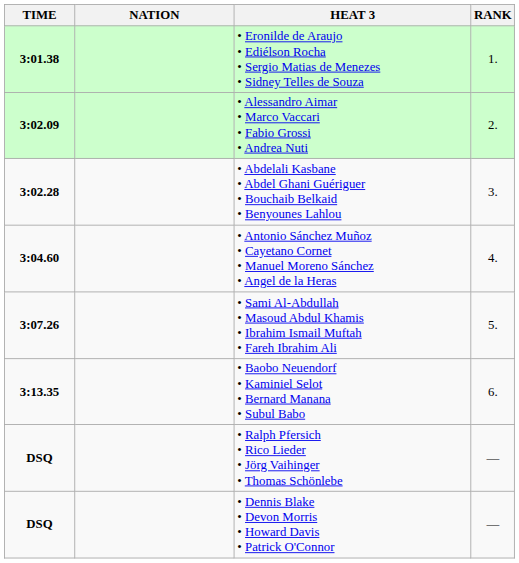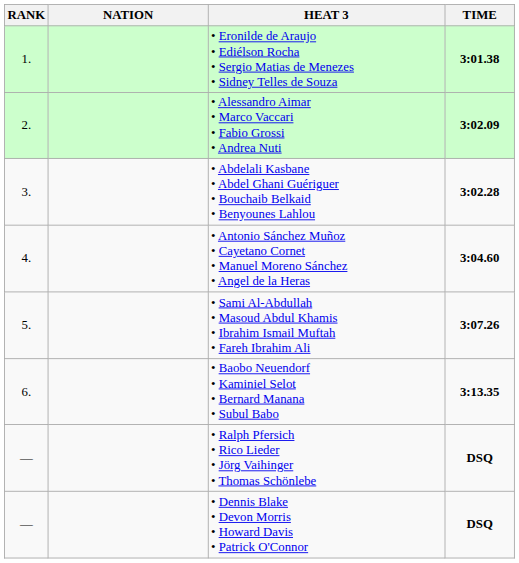 <table class="wikitable" style="border-collapse: collapse; font-size: 90%;">
 <tr>
-<th style="width: 5em">TIME</th>
+<th>RANK</th>
 <th style="width: 12em">NATION</th>
 <th style="width: 18em">HEAT 3</th>
-<th>RANK</th>
+<th style="width: 5em">TIME</th>
 </tr>
 <tr style="background:#ccffcc;">
-<td align="center"><strong>3:01.38</strong></td>
+<td align="center">1.</td>
 <td align="center"></td>
 <td>• <a href='#'>Eronilde de Araujo</a><br>• <a href='#'>Ediélson Rocha</a><br>• <a href='#'>Sergio Matias de Menezes</a><br>• <a href='#'>Sidney Telles de Souza</a></td>
-<td align="center">1.</td>
+<td align="center"><strong>3:01.38</strong></td>
 </tr>
 <tr style="background:#ccffcc;">
-<td align="center"><strong>3:02.09</strong></td>
+<td align="center">2.</td>
 <td align="center"></td>
 <td>• <a href='#'>Alessandro Aimar</a><br>• <a href='#'>Marco Vaccari</a><br>• <a href='#'>Fabio Grossi</a><br>• <a href='#'>Andrea Nuti</a></td>
-<td align="center">2.</td>
+<td align="center"><strong>3:02.09</strong></td>
 </tr>
 <tr>
-<td align="center"><strong>3:02.28</strong></td>
+<td align="center">3.</td>
 <td align="center"></td>
 <td>• <a href='#'>Abdelali Kasbane</a><br>• <a href='#'>Abdel Ghani Guériguer</a><br>• <a href='#'>Bouchaib Belkaid</a><br>• <a href='#'>Benyounes Lahlou</a></td>
-<td align="center">3.</td>
+<td align="center"><strong>3:02.28</strong></td>
 </tr>
 <tr>
-<td align="center"><strong>3:04.60</strong></td>
+<td align="center">4.</td>
 <td align="center"></td>
 <td>• <a href='#'>Antonio Sánchez Muñoz</a><br>• <a href='#'>Cayetano Cornet</a><br>• <a href='#'>Manuel Moreno Sánchez</a><br>• <a href='#'>Angel de la Heras</a></td>
-<td align="center">4.</td>
+<td align="center"><strong>3:04.60</strong></td>
 </tr>
 <tr>
-<td align="center"><strong>3:07.26</strong></td>
+<td align="center">5.</td>
 <td align="center"></td>
 <td>• <a href='#'>Sami Al-Abdullah</a><br>• <a href='#'>Masoud Abdul Khamis</a><br>• <a href='#'>Ibrahim Ismail Muftah</a><br>• <a href='#'>Fareh Ibrahim Ali</a></td>
-<td align="center">5.</td>
+<td align="center"><strong>3:07.26</strong></td>
 </tr>
 <tr>
-<td align="center"><strong>3:13.35</strong></td>
+<td align="center">6.</td>
 <td align="center"></td>
 <td>• <a href='#'>Baobo Neuendorf</a><br>• <a href='#'>Kaminiel Selot</a><br>• <a href='#'>Bernard Manana</a><br>• <a href='#'>Subul Babo</a></td>
-<td align="center">6.</td>
+<td align="center"><strong>3:13.35</strong></td>
 </tr>
 <tr>
-<td align="center"><strong>DSQ</strong></td>
+<td align="center">—</td>
 <td align="center"></td>
 <td>• <a href='#'>Ralph Pfersich</a><br>• <a href='#'>Rico Lieder</a><br>• <a href='#'>Jörg Vaihinger</a><br>• <a href='#'>Thomas Schönlebe</a></td>
-<td align="center">—</td>
+<td align="center"><strong>DSQ</strong></td>
 </tr>
 <tr>
-<td align="center"><strong>DSQ</strong></td>
+<td align="center">—</td>
 <td align="center"></td>
 <td>• <a href='#'>Dennis Blake</a><br>• <a href='#'>Devon Morris</a><br>• <a href='#'>Howard Davis</a><br>• <a href='#'>Patrick O'Connor</a></td>
-<td align="center">—</td>
+<td align="center"><strong>DSQ</strong></td>
 </tr>
 </table>
